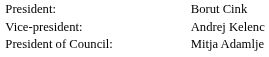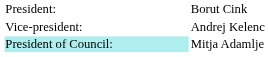 <table style="width: 25em; text-align: left;">
 <tr style="vertical-align:center;">
 <td>President:</td>
 <td>Borut Cink</td>
 </tr>
 <tr style="vertical-align:center;">
 <td>Vice-president:</td>
 <td>Andrej Kelenc</td>
 </tr>
 <tr style="vertical-align:center;">
-<td>President of Council:</td>
+<td style="background: paleturquoise;">President of Council:</td>
 <td>Mitja Adamlje</td>
 </tr>
 <tr style="vertical-align:top;">
 </tr>
 <tr style="vertical-align:top;">
 <td colspan="1" style="font-size:smaller;"></td>
 </tr>
 </table>
